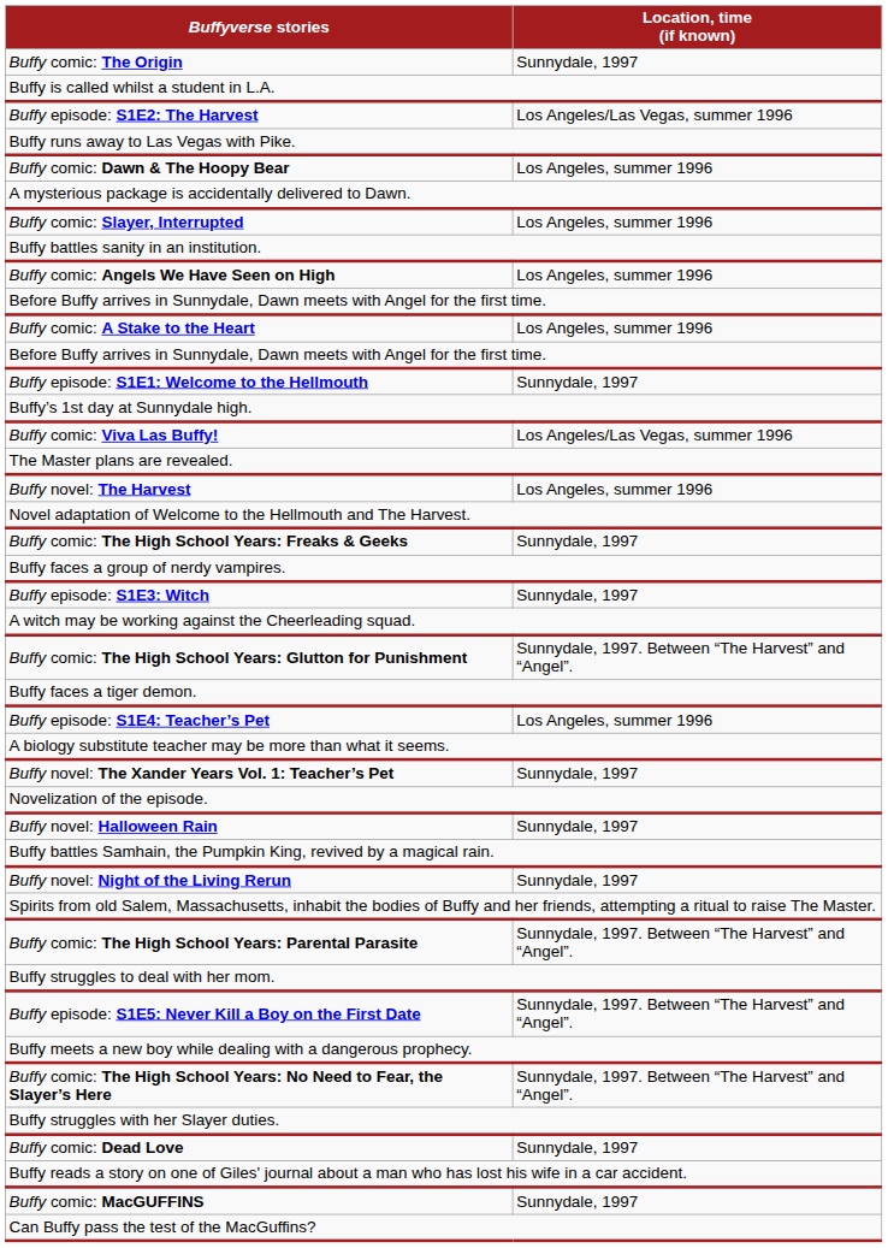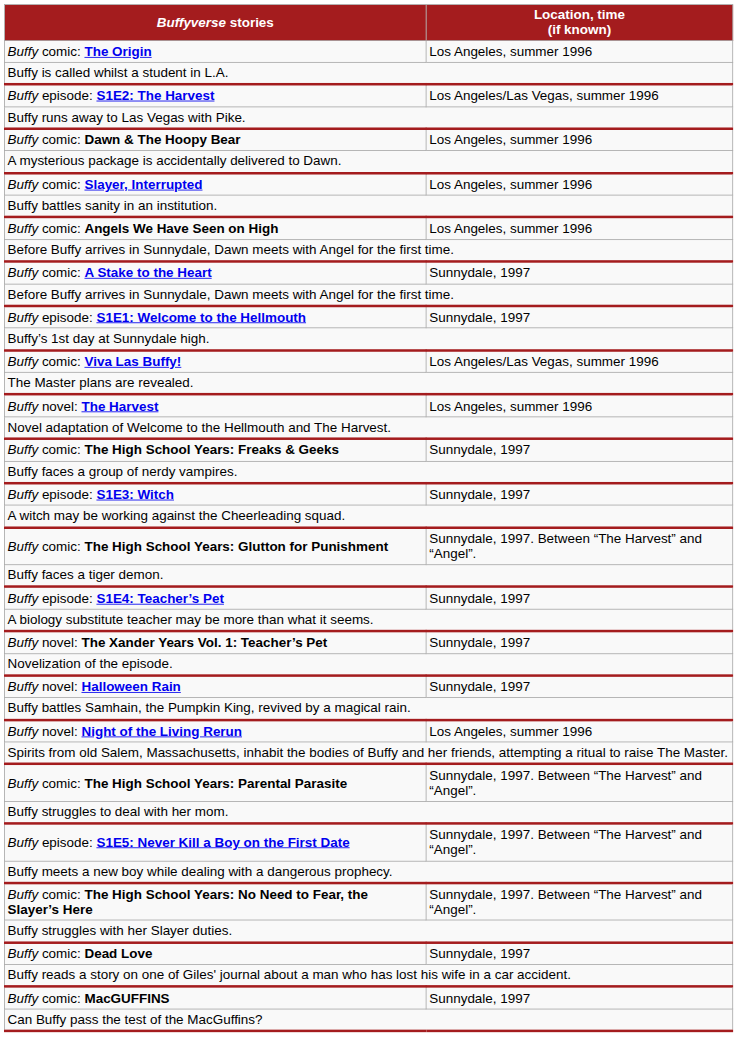 <table class="wikitable">
 <tr>
 <th style="background: #A41C1E; color: white;"><em>Buffyverse</em> stories</th>
 <th style="background: #A41C1E; color: white;"><strong>Location, time</strong><br>(if known)</th>
 </tr>
 <tr>
 <td><em>Buffy</em> comic: <strong><a href='#'>The Origin</a></strong></td>
-<td>Sunnydale, 1997</td>
+<td>Los Angeles, summer 1996</td>
 </tr>
 <tr>
 <td style="border-bottom: 3px solid #A41C1E;" colspan="2">Buffy is called whilst a student in L.A.</td>
 </tr>
 <tr>
 <td><em>Buffy</em> episode: <strong> <a href='#'>S1E2: The Harvest</a></strong></td>
 <td>Los Angeles/Las Vegas, summer 1996</td>
 </tr>
 <tr>
 <td style="border-bottom: 3px solid #A41C1E;" colspan="2">Buffy runs away to Las Vegas with Pike.</td>
 </tr>
 <tr>
 <td><em>Buffy</em> comic: <strong>Dawn & The Hoopy Bear</strong></td>
 <td>Los Angeles, summer 1996</td>
 </tr>
 <tr>
 <td style="border-bottom: 3px solid #A41C1E;" colspan="2">A mysterious package is accidentally delivered to Dawn.</td>
 </tr>
 <tr>
 <td><em>Buffy</em> comic: <strong><a href='#'>Slayer, Interrupted</a></strong></td>
 <td>Los Angeles, summer 1996</td>
 </tr>
 <tr>
 <td style="border-bottom: 3px solid #A41C1E;" colspan="2">Buffy battles sanity in an institution.</td>
 </tr>
 <tr>
 <td><em>Buffy</em> comic: <strong>Angels We Have Seen on High</strong></td>
 <td>Los Angeles, summer 1996</td>
 </tr>
 <tr>
 <td style="border-bottom: 3px solid #A41C1E;" colspan="2">Before Buffy arrives in Sunnydale, Dawn meets with Angel for the first time.</td>
 </tr>
 <tr>
 <td><em>Buffy</em> comic: <strong><a href='#'>A Stake to the Heart</a></strong></td>
-<td>Los Angeles, summer 1996</td>
+<td>Sunnydale, 1997</td>
 </tr>
 <tr>
 <td style="border-bottom: 3px solid #A41C1E;" colspan="2">Before Buffy arrives in Sunnydale, Dawn meets with Angel for the first time.</td>
 </tr>
 <tr>
 <td><em>Buffy</em> episode: <strong> <a href='#'>S1E1: Welcome to the Hellmouth</a></strong></td>
 <td>Sunnydale, 1997</td>
 </tr>
 <tr>
 <td style="border-bottom: 3px solid #A41C1E;" colspan="2">Buffy’s 1st day at Sunnydale high.</td>
 </tr>
 <tr>
 <td><em>Buffy</em> comic: <strong><a href='#'>Viva Las Buffy!</a></strong></td>
 <td>Los Angeles/Las Vegas, summer 1996</td>
 </tr>
 <tr>
 <td style="border-bottom: 3px solid #A41C1E;" colspan="2">The Master plans are revealed.</td>
 </tr>
 <tr>
 <td><em>Buffy</em> novel: <strong> <a href='#'>The Harvest</a></strong></td>
 <td>Los Angeles, summer 1996</td>
 </tr>
 <tr>
 <td style="border-bottom: 3px solid #A41C1E;" colspan="2">Novel adaptation of Welcome to the Hellmouth and The Harvest.</td>
 </tr>
 <tr>
 <td><em>Buffy</em> comic: <strong>The High School Years: Freaks & Geeks</strong></td>
 <td>Sunnydale, 1997</td>
 </tr>
 <tr style="border-bottom: 3px solid #A41C1E;" colspan="2" |Buffy faces a group of nerdy vampires.>
 <td colspan="2">Buffy faces a group of nerdy vampires.</td>
 </tr>
 <tr>
 <td><em>Buffy</em> episode: <strong> <a href='#'>S1E3: Witch</a></strong></td>
 <td>Sunnydale, 1997</td>
 </tr>
 <tr>
 <td style="border-bottom: 3px solid #A41C1E;" colspan="2">A witch may be working against the Cheerleading squad.</td>
 </tr>
 <tr>
 <td><em>Buffy</em> comic: <strong>The High School Years: Glutton for Punishment</strong></td>
 <td>Sunnydale, 1997. Between “The Harvest” and “Angel”.</td>
 </tr>
 <tr style="border-bottom: 3px solid #A41C1E;" colspan="2" |Buffy faces a tiger demon.>
 <td colspan="2">Buffy faces a tiger demon.</td>
 </tr>
 <tr>
 <td><em>Buffy</em> episode: <strong> <a href='#'>S1E4: Teacher’s Pet</a></strong></td>
-<td>Los Angeles, summer 1996</td>
+<td>Sunnydale, 1997</td>
 </tr>
 <tr>
 <td style="border-bottom: 3px solid #A41C1E;" colspan="2">A biology substitute teacher may be more than what it seems.</td>
 </tr>
 <tr>
 <td><em>Buffy</em> novel: <strong>The Xander Years Vol. 1: Teacher’s Pet</strong></td>
 <td>Sunnydale, 1997</td>
 </tr>
 <tr>
 <td style="border-bottom: 3px solid #A41C1E;" colspan="2">Novelization of the episode.</td>
 </tr>
 <tr>
 <td><em>Buffy</em> novel: <strong> <a href='#'>Halloween Rain</a></strong></td>
 <td>Sunnydale, 1997</td>
 </tr>
 <tr>
 <td style="border-bottom: 3px solid #A41C1E;" colspan="2">Buffy battles Samhain, the Pumpkin King, revived by a magical rain.</td>
 </tr>
 <tr>
 <td><em>Buffy</em> novel: <strong> <a href='#'>Night of the Living Rerun</a></strong></td>
-<td>Sunnydale, 1997</td>
+<td>Los Angeles, summer 1996</td>
 </tr>
 <tr>
 <td style="border-bottom: 3px solid #A41C1E;" colspan="2">Spirits from old Salem, Massachusetts, inhabit the bodies of Buffy and her friends, attempting a ritual to raise The Master.</td>
 </tr>
 <tr>
 <td><em>Buffy</em> comic: <strong>The High School Years: Parental Parasite</strong></td>
 <td>Sunnydale, 1997. Between “The Harvest” and “Angel”.</td>
 </tr>
 <tr style="border-bottom: 3px solid #A41C1E;" colspan="2" |Buffy struggles to deal with her mom.>
 <td colspan="2">Buffy struggles to deal with her mom.</td>
 </tr>
 <tr>
 <td><em>Buffy</em> episode: <strong> <a href='#'>S1E5: Never Kill a Boy on the First Date</a></strong></td>
 <td>Sunnydale, 1997. Between “The Harvest” and “Angel”.</td>
 </tr>
 <tr>
 <td style="border-bottom: 3px solid #A41C1E;" colspan="2">Buffy meets a new boy while dealing with a dangerous prophecy.</td>
 </tr>
 <tr>
 <td><em>Buffy</em> comic: <strong>The High School Years: No Need to Fear, the Slayer’s Here</strong></td>
 <td>Sunnydale, 1997. Between “The Harvest” and “Angel”.</td>
 </tr>
 <tr style="border-bottom: 3px solid #A41C1E;" colspan="2" |Buffy struggles with her Slayer duties.>
 <td colspan="2">Buffy struggles with her Slayer duties.</td>
 </tr>
 <tr>
 <td><em>Buffy</em> comic: <strong>Dead Love</strong></td>
 <td>Sunnydale, 1997</td>
 </tr>
 <tr>
 <td style="border-bottom: 3px solid #A41C1E;" colspan="2">Buffy reads a story on one of Giles' journal about a man who has lost his wife in a car accident.</td>
 </tr>
 <tr>
 <td><em>Buffy</em> comic: <strong>MacGUFFINS</strong></td>
 <td>Sunnydale, 1997</td>
 </tr>
 <tr>
 <td style="border-bottom: 3px solid #A41C1E;" colspan="2">Can Buffy pass the test of the MacGuffins?</td>
 </tr>
 </table>
